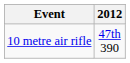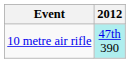 <table class="wikitable" style="text-align: center">
 <tr>
 <th>Event</th>
 <th>2012</th>
 </tr>
 <tr>
 <td align=left><a href='#'>10 metre air rifle</a></td>
-<td><a href='#'>47th</a><br>390</td>
+<td style="background: paleturquoise;"><a href='#'>47th</a><br>390</td>
 </tr>
 </table>
